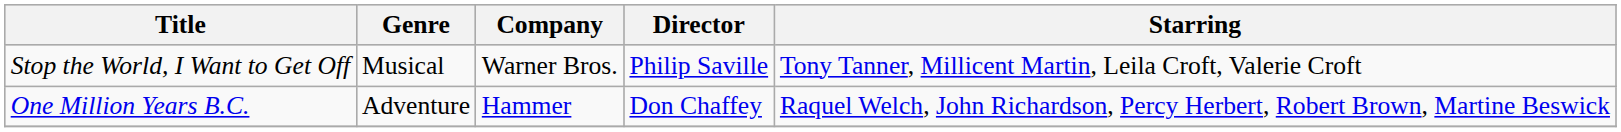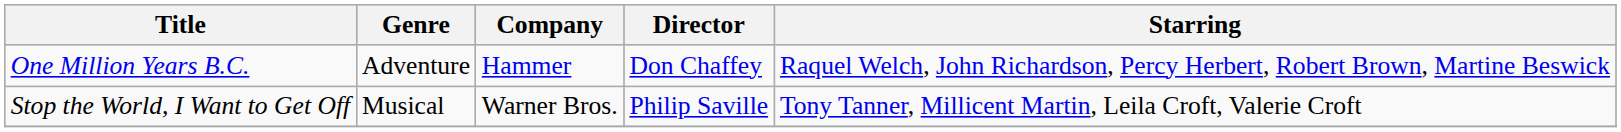 <table class="wikitable unsortable">
 <tr>
 <th>Title</th>
 <th>Genre</th>
 <th>Company</th>
 <th>Director</th>
 <th>Starring</th>
 </tr>
 <tr>
+<td><em><a href='#'>One Million Years B.C.</a></em></td>
+<td>Adventure</td>
+<td><a href='#'>Hammer</a></td>
+<td><a href='#'>Don Chaffey</a></td>
+<td><a href='#'>Raquel Welch</a>, <a href='#'>John Richardson</a>, <a href='#'>Percy Herbert</a>, <a href='#'>Robert Brown</a>, <a href='#'>Martine Beswick</a></td>
+</tr>
+<tr>
 <td><em>Stop the World, I Want to Get Off</em></td>
 <td>Musical</td>
 <td>Warner Bros.</td>
 <td><a href='#'>Philip Saville</a></td>
 <td><a href='#'>Tony Tanner</a>, <a href='#'>Millicent Martin</a>, Leila Croft, Valerie Croft</td>
 </tr>
 <tr>
-<td><em><a href='#'>One Million Years B.C.</a></em></td>
-<td>Adventure</td>
-<td><a href='#'>Hammer</a></td>
-<td><a href='#'>Don Chaffey</a></td>
-<td><a href='#'>Raquel Welch</a>, <a href='#'>John Richardson</a>, <a href='#'>Percy Herbert</a>, <a href='#'>Robert Brown</a>, <a href='#'>Martine Beswick</a></td>
-</tr>
-<tr>
 </tr>
 </table>
